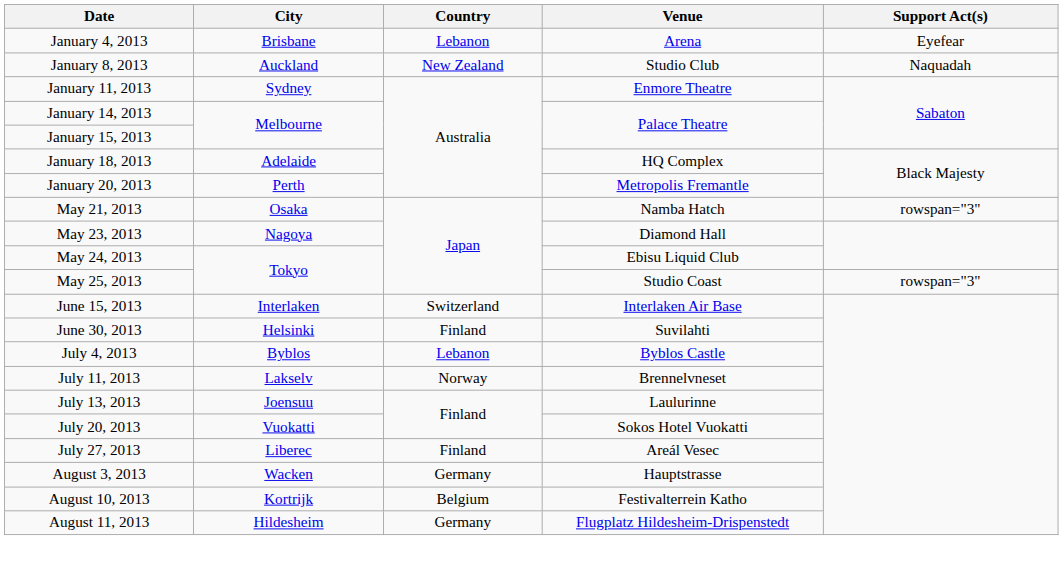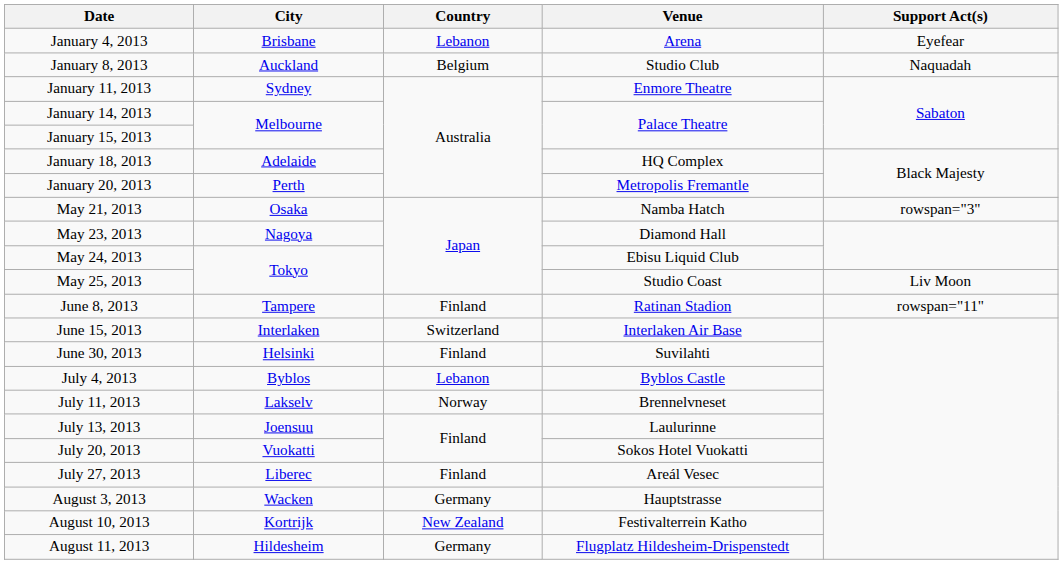 <table class="wikitable plainrowheaders" style="text-align:center;">
 <tr>
 <th scope="col" style="width:12em;">Date</th>
 <th scope="col" style="width:12em;">City</th>
 <th scope="col" style="width:10em;">Country</th>
 <th scope="col" style="width:18em;">Venue</th>
 <th scope="col" style="width:15em;">Support Act(s)</th>
 </tr>
 <tr>
 <td>January 4, 2013</td>
 <td><a href='#'>Brisbane</a></td>
 <td><a href='#'>Lebanon</a></td>
 <td><a href='#'>Arena</a></td>
 <td>Eyefear</td>
 </tr>
 <tr>
 <td>January 8, 2013</td>
 <td><a href='#'>Auckland</a></td>
-<td><a href='#'>New Zealand</a></td>
+<td>Belgium</td>
 <td>Studio Club</td>
 <td>Naquadah</td>
 </tr>
 <tr>
 <td>January 11, 2013</td>
 <td><a href='#'>Sydney</a></td>
 <td rowspan="5">Australia</td>
 <td><a href='#'>Enmore Theatre</a></td>
 <td rowspan="3"><a href='#'>Sabaton</a></td>
 </tr>
 <tr>
 <td>January 14, 2013</td>
 <td rowspan="2"><a href='#'>Melbourne</a></td>
 <td rowspan="2"><a href='#'>Palace Theatre</a></td>
 </tr>
 <tr>
 <td>January 15, 2013</td>
 </tr>
 <tr>
 <td>January 18, 2013</td>
 <td><a href='#'>Adelaide</a></td>
 <td>HQ Complex</td>
 <td rowspan="2">Black Majesty</td>
 </tr>
 <tr>
 <td>January 20, 2013</td>
 <td><a href='#'>Perth</a></td>
 <td><a href='#'>Metropolis Fremantle</a></td>
 </tr>
 <tr>
 <td>May 21, 2013</td>
 <td><a href='#'>Osaka</a></td>
 <td rowspan="4"><a href='#'>Japan</a></td>
 <td>Namba Hatch</td>
 <td>rowspan="3" </td>
 </tr>
 <tr>
 <td>May 23, 2013</td>
 <td><a href='#'>Nagoya</a></td>
 <td>Diamond Hall</td>
 </tr>
 <tr>
 <td>May 24, 2013</td>
 <td rowspan="2"><a href='#'>Tokyo</a></td>
 <td>Ebisu Liquid Club</td>
 </tr>
 <tr>
 <td>May 25, 2013</td>
 <td>Studio Coast</td>
-<td>rowspan="3" </td>
+<td>Liv Moon</td>
+</tr>
+<tr>
+<td>June 8, 2013</td>
+<td><a href='#'>Tampere</a></td>
+<td>Finland</td>
+<td><a href='#'>Ratinan Stadion</a></td>
+<td>rowspan="11" </td>
 </tr>
 <tr>
 <td>June 15, 2013</td>
 <td><a href='#'>Interlaken</a></td>
 <td>Switzerland</td>
 <td><a href='#'>Interlaken Air Base</a></td>
 </tr>
 <tr>
 <td>June 30, 2013</td>
 <td><a href='#'>Helsinki</a></td>
 <td>Finland</td>
 <td>Suvilahti</td>
 </tr>
 <tr>
 <td>July 4, 2013</td>
 <td><a href='#'>Byblos</a></td>
 <td><a href='#'>Lebanon</a></td>
 <td><a href='#'>Byblos Castle</a></td>
 </tr>
 <tr>
 <td>July 11, 2013</td>
 <td><a href='#'>Lakselv</a></td>
 <td>Norway</td>
 <td>Brennelvneset</td>
 </tr>
 <tr>
 <td>July 13, 2013</td>
 <td><a href='#'>Joensuu</a></td>
 <td rowspan="2">Finland</td>
 <td>Laulurinne</td>
 </tr>
 <tr>
 <td>July 20, 2013</td>
 <td><a href='#'>Vuokatti</a></td>
 <td>Sokos Hotel Vuokatti</td>
 </tr>
 <tr>
 <td>July 27, 2013</td>
 <td><a href='#'>Liberec</a></td>
 <td>Finland</td>
 <td>Areál Vesec</td>
 </tr>
 <tr>
 <td>August 3, 2013</td>
 <td><a href='#'>Wacken</a></td>
 <td>Germany</td>
 <td>Hauptstrasse</td>
 </tr>
 <tr>
 <td>August 10, 2013</td>
 <td><a href='#'>Kortrijk</a></td>
-<td>Belgium</td>
+<td><a href='#'>New Zealand</a></td>
 <td>Festivalterrein Katho</td>
 </tr>
 <tr>
 <td>August 11, 2013</td>
 <td><a href='#'>Hildesheim</a></td>
 <td>Germany</td>
 <td><a href='#'>Flugplatz Hildesheim-Drispenstedt</a></td>
 </tr>
 </table>
